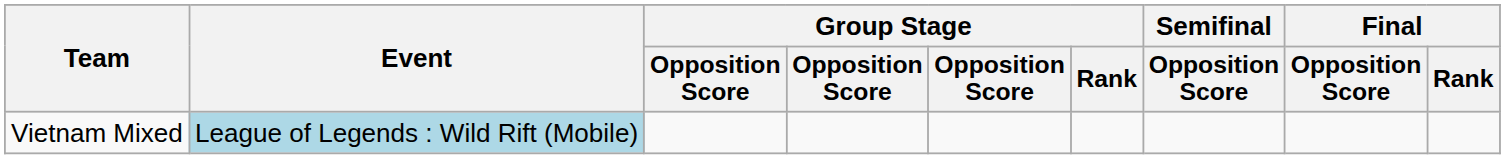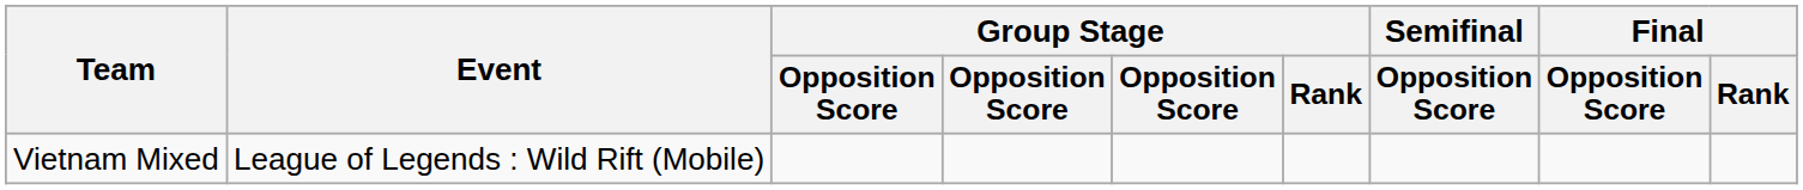 <table class="wikitable" style="font-size:90%">
 <tr>
 <th rowspan=2>Team</th>
 <th rowspan="2">Event</th>
 <th colspan=4>Group Stage</th>
 <th>Semifinal</th>
 <th colspan=2>Final</th>
 </tr>
 <tr style="font-size:95%">
 <th>Opposition<br>Score</th>
 <th>Opposition<br>Score</th>
 <th>Opposition<br>Score</th>
 <th>Rank</th>
 <th>Opposition<br>Score</th>
 <th>Opposition<br>Score</th>
 <th>Rank</th>
 </tr>
 <tr align="center">
 <td align="left">Vietnam Mixed</td>
-<td align="left" style="background: lightblue;">League of Legends : Wild Rift (Mobile)</td>
+<td align="left">League of Legends : Wild Rift (Mobile)</td>
 <td></td>
 <td></td>
 <td></td>
 <td></td>
 <td><br></td>
 <td></td>
 <td></td>
 </tr>
 </table>
